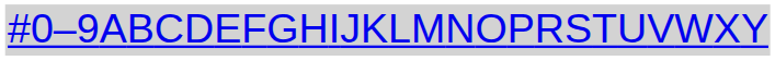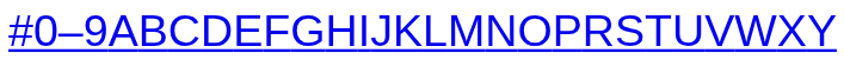 <table id="toc" class="toc" summary="Class">
 <tr>
 <th></th>
 </tr>
 <tr>
-<td style="background: lightgrey; text-align:center;"><a href='#'>#0–9</a><a href='#'>A</a><a href='#'>B</a><a href='#'>C</a><a href='#'>D</a><a href='#'>E</a><a href='#'>F</a><a href='#'>G</a><a href='#'>H</a><a href='#'>I</a><a href='#'>J</a><a href='#'>K</a><a href='#'>L</a><a href='#'>M</a><a href='#'>N</a><a href='#'>O</a><a href='#'>P</a><a href='#'>R</a><a href='#'>S</a><a href='#'>T</a><a href='#'>U</a><a href='#'>V</a><a href='#'>W</a><a href='#'>X</a><a href='#'>Y</a></td>
+<td style="text-align:center;"><a href='#'>#0–9</a><a href='#'>A</a><a href='#'>B</a><a href='#'>C</a><a href='#'>D</a><a href='#'>E</a><a href='#'>F</a><a href='#'>G</a><a href='#'>H</a><a href='#'>I</a><a href='#'>J</a><a href='#'>K</a><a href='#'>L</a><a href='#'>M</a><a href='#'>N</a><a href='#'>O</a><a href='#'>P</a><a href='#'>R</a><a href='#'>S</a><a href='#'>T</a><a href='#'>U</a><a href='#'>V</a><a href='#'>W</a><a href='#'>X</a><a href='#'>Y</a></td>
 </tr>
 </table>
